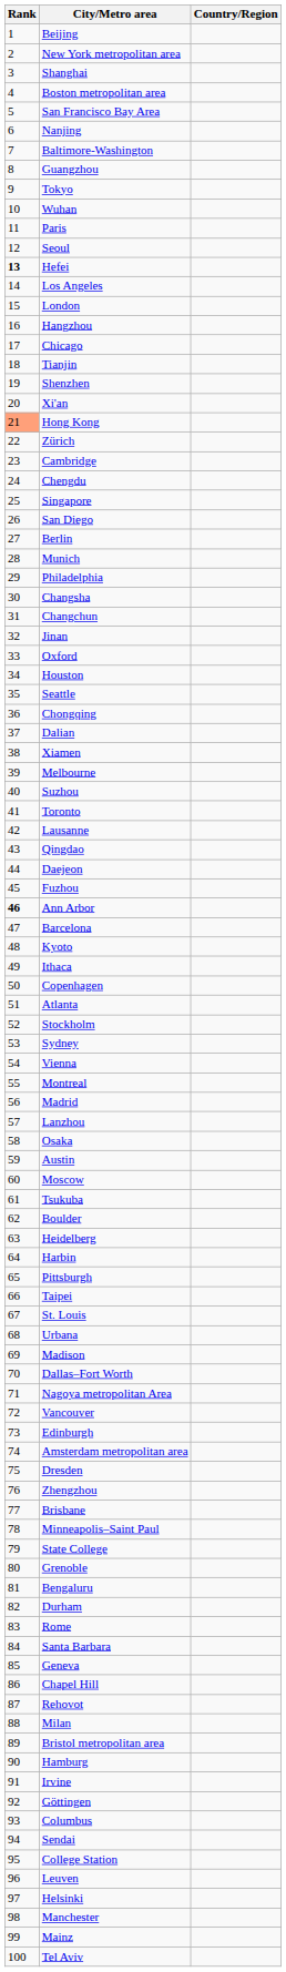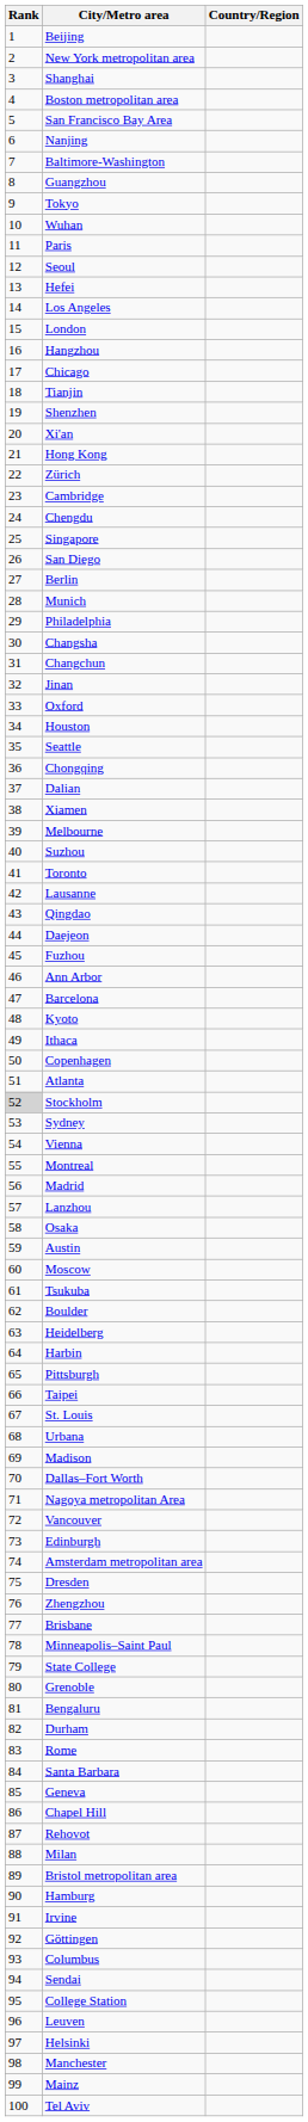 <table class="wikitable sortable">
 <tr>
 <th>Rank</th>
 <th>City/Metro area</th>
 <th>Country/Region</th>
 </tr>
 <tr>
 <td>1</td>
 <td><a href='#'>Beijing</a></td>
 <td></td>
 </tr>
 <tr>
 <td>2</td>
 <td><a href='#'>New York metropolitan area</a></td>
 <td></td>
 </tr>
 <tr>
 <td>3</td>
 <td><a href='#'>Shanghai</a></td>
 <td></td>
 </tr>
 <tr>
 <td>4</td>
 <td><a href='#'>Boston metropolitan area</a></td>
 <td></td>
 </tr>
 <tr>
 <td>5</td>
 <td><a href='#'>San Francisco Bay Area</a></td>
 <td></td>
 </tr>
 <tr>
 <td>6</td>
 <td><a href='#'>Nanjing</a></td>
 <td></td>
 </tr>
 <tr>
 <td>7</td>
 <td><a href='#'>Baltimore-Washington</a></td>
 <td></td>
 </tr>
 <tr>
 <td>8</td>
 <td><a href='#'>Guangzhou</a></td>
 <td></td>
 </tr>
 <tr>
 <td>9</td>
 <td><a href='#'>Tokyo</a></td>
 <td></td>
 </tr>
 <tr>
 <td>10</td>
 <td><a href='#'>Wuhan</a></td>
 <td></td>
 </tr>
 <tr>
 <td>11</td>
 <td><a href='#'>Paris</a></td>
 <td></td>
 </tr>
 <tr>
 <td>12</td>
 <td><a href='#'>Seoul</a></td>
 <td></td>
 </tr>
 <tr>
-<td><strong>13</strong></td>
+<td>13</td>
 <td><a href='#'>Hefei</a></td>
 <td></td>
 </tr>
 <tr>
 <td>14</td>
 <td><a href='#'>Los Angeles</a></td>
 <td></td>
 </tr>
 <tr>
 <td>15</td>
 <td><a href='#'>London</a></td>
 <td></td>
 </tr>
 <tr>
 <td>16</td>
 <td><a href='#'>Hangzhou</a></td>
 <td></td>
 </tr>
 <tr>
 <td>17</td>
 <td><a href='#'>Chicago</a></td>
 <td></td>
 </tr>
 <tr>
 <td>18</td>
 <td><a href='#'>Tianjin</a></td>
 <td></td>
 </tr>
 <tr>
 <td>19</td>
 <td><a href='#'>Shenzhen</a></td>
 <td></td>
 </tr>
 <tr>
 <td>20</td>
 <td><a href='#'>Xi'an</a></td>
 <td></td>
 </tr>
 <tr>
-<td style="background: lightsalmon;">21</td>
+<td>21</td>
 <td><a href='#'>Hong Kong</a></td>
 <td></td>
 </tr>
 <tr>
 <td>22</td>
 <td><a href='#'>Zürich</a></td>
 <td></td>
 </tr>
 <tr>
 <td>23</td>
 <td><a href='#'>Cambridge</a></td>
 <td></td>
 </tr>
 <tr>
 <td>24</td>
 <td><a href='#'>Chengdu</a></td>
 <td></td>
 </tr>
 <tr>
 <td>25</td>
 <td><a href='#'>Singapore</a></td>
 <td></td>
 </tr>
 <tr>
 <td>26</td>
 <td><a href='#'>San Diego</a></td>
 <td></td>
 </tr>
 <tr>
 <td>27</td>
 <td><a href='#'>Berlin</a></td>
 <td></td>
 </tr>
 <tr>
 <td>28</td>
 <td><a href='#'>Munich</a></td>
 <td></td>
 </tr>
 <tr>
 <td>29</td>
 <td><a href='#'>Philadelphia</a></td>
 <td></td>
 </tr>
 <tr>
 <td>30</td>
 <td><a href='#'>Changsha</a></td>
 <td></td>
 </tr>
 <tr>
 <td>31</td>
 <td><a href='#'>Changchun</a></td>
 <td></td>
 </tr>
 <tr>
 <td>32</td>
 <td><a href='#'>Jinan</a></td>
 <td></td>
 </tr>
 <tr>
 <td>33</td>
 <td><a href='#'>Oxford</a></td>
 <td></td>
 </tr>
 <tr>
 <td>34</td>
 <td><a href='#'>Houston</a></td>
 <td></td>
 </tr>
 <tr>
 <td>35</td>
 <td><a href='#'>Seattle</a></td>
 <td></td>
 </tr>
 <tr>
 <td>36</td>
 <td><a href='#'>Chongqing</a></td>
 <td></td>
 </tr>
 <tr>
 <td>37</td>
 <td><a href='#'>Dalian</a></td>
 <td></td>
 </tr>
 <tr>
 <td>38</td>
 <td><a href='#'>Xiamen</a></td>
 <td></td>
 </tr>
 <tr>
 <td>39</td>
 <td><a href='#'>Melbourne</a></td>
 <td></td>
 </tr>
 <tr>
 <td>40</td>
 <td><a href='#'>Suzhou</a></td>
 <td></td>
 </tr>
 <tr>
 <td>41</td>
 <td><a href='#'>Toronto</a></td>
 <td></td>
 </tr>
 <tr>
 <td>42</td>
 <td><a href='#'>Lausanne</a></td>
 <td></td>
 </tr>
 <tr>
 <td>43</td>
 <td><a href='#'>Qingdao</a></td>
 <td></td>
 </tr>
 <tr>
 <td>44</td>
 <td><a href='#'>Daejeon</a></td>
 <td></td>
 </tr>
 <tr>
 <td>45</td>
 <td><a href='#'>Fuzhou</a></td>
 <td></td>
 </tr>
 <tr>
-<td><strong>46</strong></td>
+<td>46</td>
 <td><a href='#'>Ann Arbor</a></td>
 <td></td>
 </tr>
 <tr>
 <td>47</td>
 <td><a href='#'>Barcelona</a></td>
 <td></td>
 </tr>
 <tr>
 <td>48</td>
 <td><a href='#'>Kyoto</a></td>
 <td></td>
 </tr>
 <tr>
 <td>49</td>
 <td><a href='#'>Ithaca</a></td>
 <td></td>
 </tr>
 <tr>
 <td>50</td>
 <td><a href='#'>Copenhagen</a></td>
 <td></td>
 </tr>
 <tr>
 <td>51</td>
 <td><a href='#'>Atlanta</a></td>
 <td></td>
 </tr>
 <tr>
-<td>52</td>
+<td style="background: lightgrey;">52</td>
 <td><a href='#'>Stockholm</a></td>
 <td></td>
 </tr>
 <tr>
 <td>53</td>
 <td><a href='#'>Sydney</a></td>
 <td></td>
 </tr>
 <tr>
 <td>54</td>
 <td><a href='#'>Vienna</a></td>
 <td></td>
 </tr>
 <tr>
 <td>55</td>
 <td><a href='#'>Montreal</a></td>
 <td></td>
 </tr>
 <tr>
 <td>56</td>
 <td><a href='#'>Madrid</a></td>
 <td></td>
 </tr>
 <tr>
 <td>57</td>
 <td><a href='#'>Lanzhou</a></td>
 <td></td>
 </tr>
 <tr>
 <td>58</td>
 <td><a href='#'>Osaka</a></td>
 <td></td>
 </tr>
 <tr>
 <td>59</td>
 <td><a href='#'>Austin</a></td>
 <td></td>
 </tr>
 <tr>
 <td>60</td>
 <td><a href='#'>Moscow</a></td>
 <td></td>
 </tr>
 <tr>
 <td>61</td>
 <td><a href='#'>Tsukuba</a></td>
 <td></td>
 </tr>
 <tr>
 <td>62</td>
 <td><a href='#'>Boulder</a></td>
 <td></td>
 </tr>
 <tr>
 <td>63</td>
 <td><a href='#'>Heidelberg</a></td>
 <td></td>
 </tr>
 <tr>
 <td>64</td>
 <td><a href='#'>Harbin</a></td>
 <td></td>
 </tr>
 <tr>
 <td>65</td>
 <td><a href='#'>Pittsburgh</a></td>
 <td></td>
 </tr>
 <tr>
 <td>66</td>
 <td><a href='#'>Taipei</a></td>
 <td></td>
 </tr>
 <tr>
 <td>67</td>
 <td><a href='#'>St. Louis</a></td>
 <td></td>
 </tr>
 <tr>
 <td>68</td>
 <td><a href='#'>Urbana</a></td>
 <td></td>
 </tr>
 <tr>
 <td>69</td>
 <td><a href='#'>Madison</a></td>
 <td></td>
 </tr>
 <tr>
 <td>70</td>
 <td><a href='#'>Dallas–Fort Worth</a></td>
 <td></td>
 </tr>
 <tr>
 <td>71</td>
 <td><a href='#'>Nagoya metropolitan Area</a></td>
 <td></td>
 </tr>
 <tr>
 <td>72</td>
 <td><a href='#'>Vancouver</a></td>
 <td></td>
 </tr>
 <tr>
 <td>73</td>
 <td><a href='#'>Edinburgh</a></td>
 <td></td>
 </tr>
 <tr>
 <td>74</td>
 <td><a href='#'>Amsterdam metropolitan area</a></td>
 <td></td>
 </tr>
 <tr>
 <td>75</td>
 <td><a href='#'>Dresden</a></td>
 <td></td>
 </tr>
 <tr>
 <td>76</td>
 <td><a href='#'>Zhengzhou</a></td>
 <td></td>
 </tr>
 <tr>
 <td>77</td>
 <td><a href='#'>Brisbane</a></td>
 <td></td>
 </tr>
 <tr>
 <td>78</td>
 <td><a href='#'>Minneapolis–Saint Paul</a></td>
 <td></td>
 </tr>
 <tr>
 <td>79</td>
 <td><a href='#'>State College</a></td>
 <td></td>
 </tr>
 <tr>
 <td>80</td>
 <td><a href='#'>Grenoble</a></td>
 <td></td>
 </tr>
 <tr>
 <td>81</td>
 <td><a href='#'>Bengaluru</a></td>
 <td></td>
 </tr>
 <tr>
 <td>82</td>
 <td><a href='#'>Durham</a></td>
 <td></td>
 </tr>
 <tr>
 <td>83</td>
 <td><a href='#'>Rome</a></td>
 <td></td>
 </tr>
 <tr>
 <td>84</td>
 <td><a href='#'>Santa Barbara</a></td>
 <td></td>
 </tr>
 <tr>
 <td>85</td>
 <td><a href='#'>Geneva</a></td>
 <td></td>
 </tr>
 <tr>
 <td>86</td>
 <td><a href='#'>Chapel Hill</a></td>
 <td></td>
 </tr>
 <tr>
 <td>87</td>
 <td><a href='#'>Rehovot</a></td>
 <td></td>
 </tr>
 <tr>
 <td>88</td>
 <td><a href='#'>Milan</a></td>
 <td></td>
 </tr>
 <tr>
 <td>89</td>
 <td><a href='#'>Bristol metropolitan area</a></td>
 <td></td>
 </tr>
 <tr>
 <td>90</td>
 <td><a href='#'>Hamburg</a></td>
 <td></td>
 </tr>
 <tr>
 <td>91</td>
 <td><a href='#'>Irvine</a></td>
 <td></td>
 </tr>
 <tr>
 <td>92</td>
 <td><a href='#'>Göttingen</a></td>
 <td></td>
 </tr>
 <tr>
 <td>93</td>
 <td><a href='#'>Columbus</a></td>
 <td></td>
 </tr>
 <tr>
 <td>94</td>
 <td><a href='#'>Sendai</a></td>
 <td></td>
 </tr>
 <tr>
 <td>95</td>
 <td><a href='#'>College Station</a></td>
 <td></td>
 </tr>
 <tr>
 <td>96</td>
 <td><a href='#'>Leuven</a></td>
 <td></td>
 </tr>
 <tr>
 <td>97</td>
 <td><a href='#'>Helsinki</a></td>
 <td></td>
 </tr>
 <tr>
 <td>98</td>
 <td><a href='#'>Manchester</a></td>
 <td></td>
 </tr>
 <tr>
 <td>99</td>
 <td><a href='#'>Mainz</a></td>
 <td></td>
 </tr>
 <tr>
 <td>100</td>
 <td><a href='#'>Tel Aviv</a></td>
 <td></td>
 </tr>
 </table>
